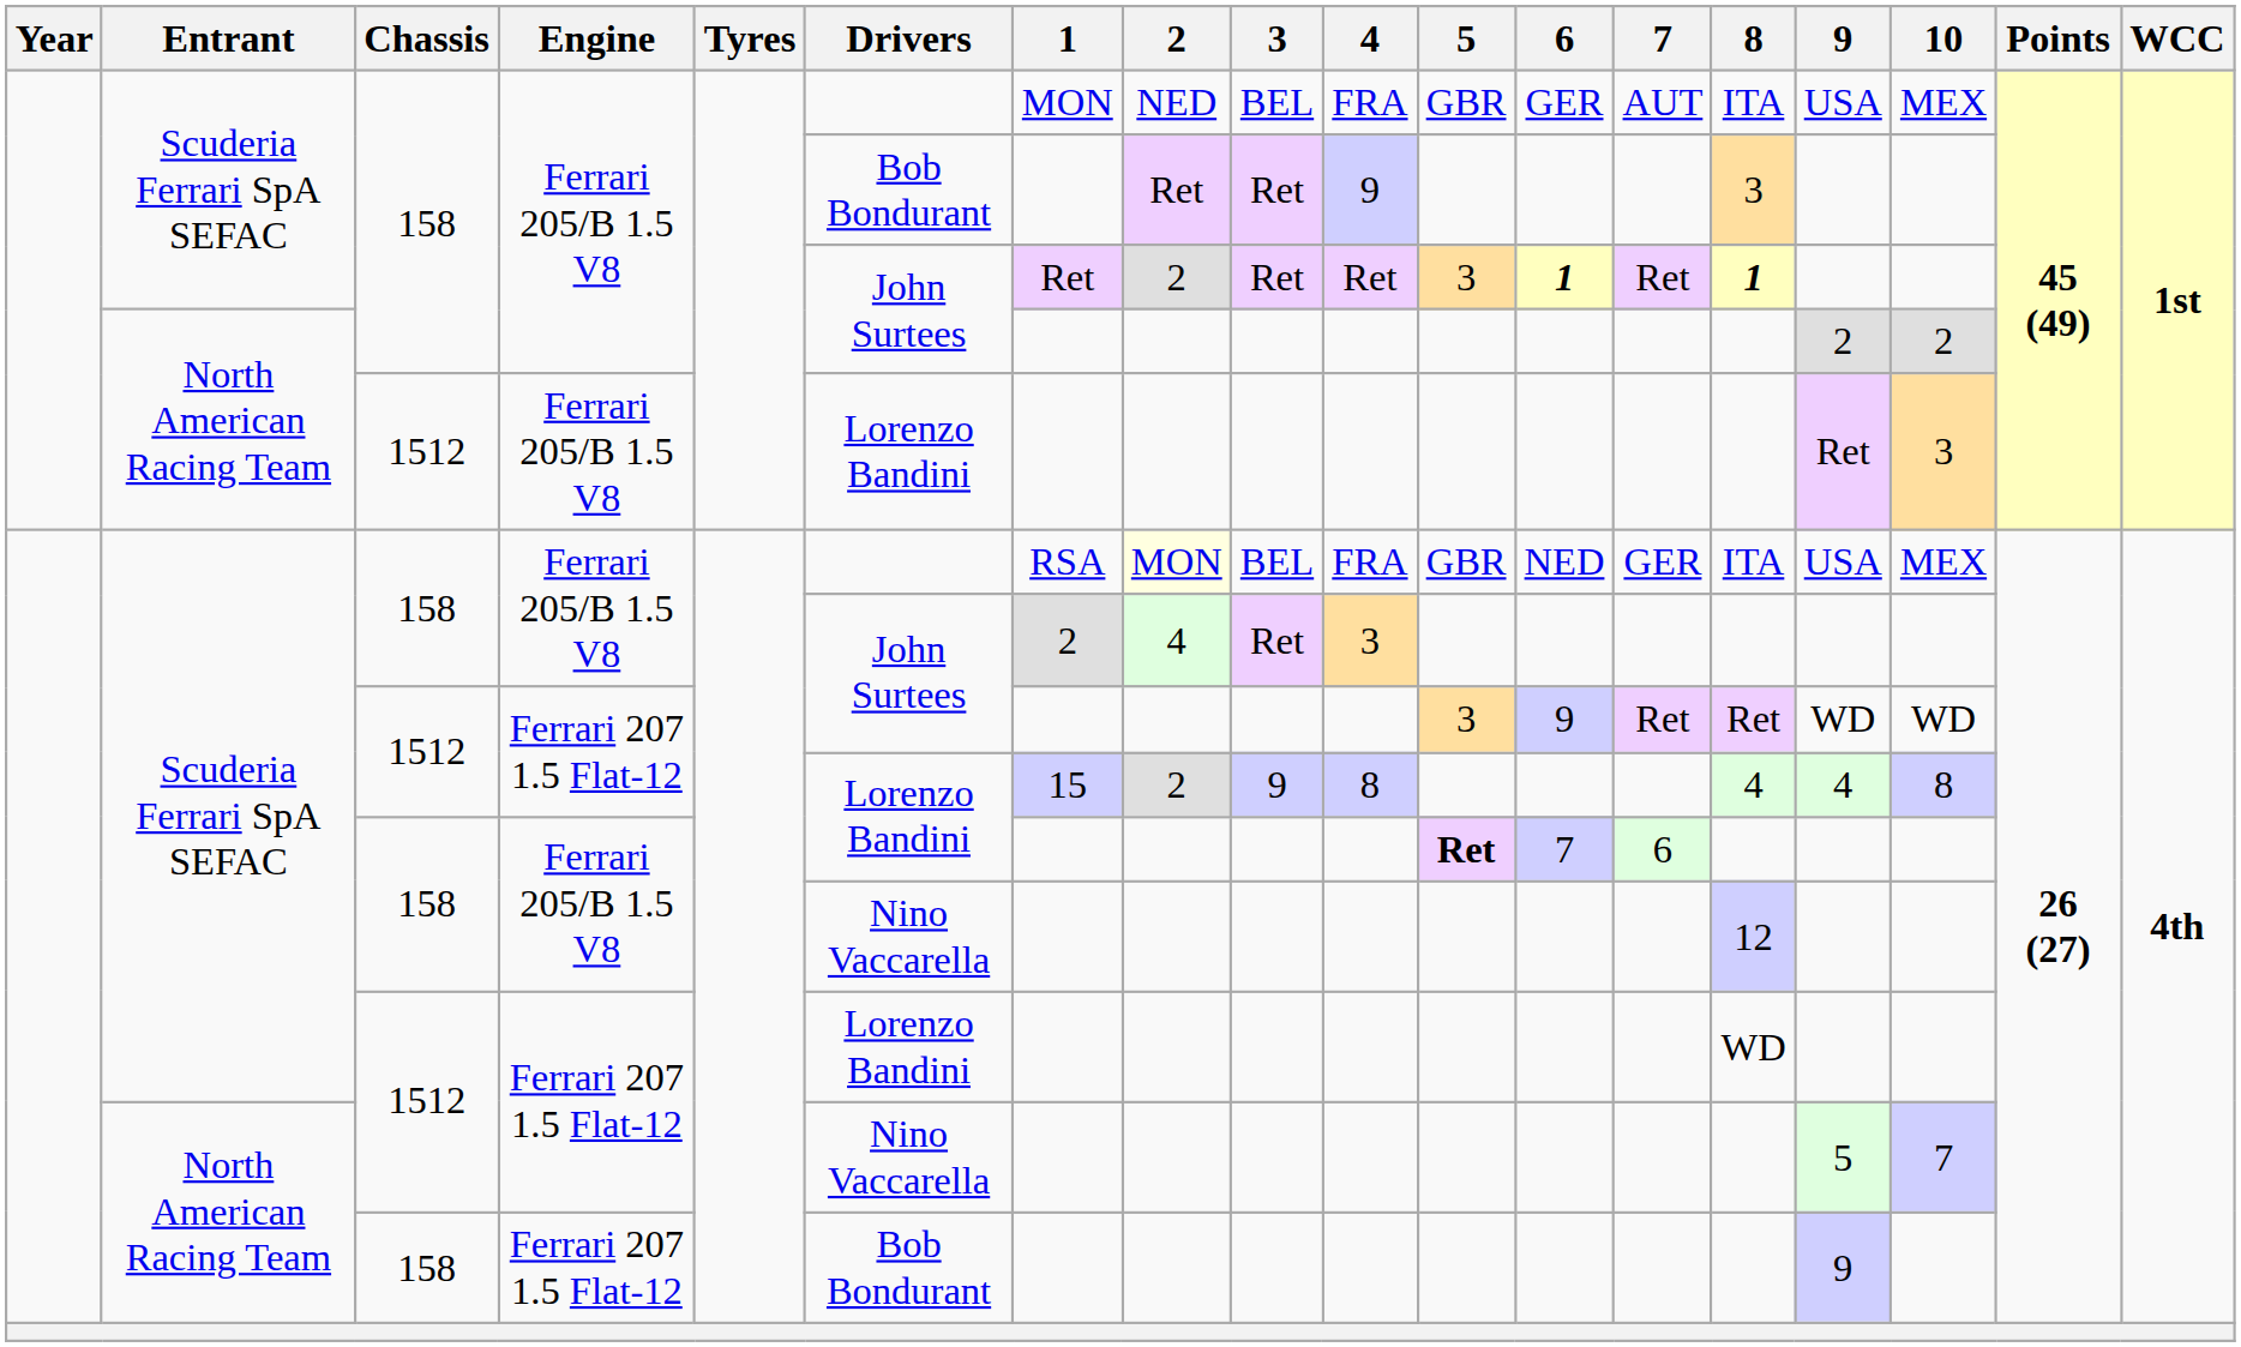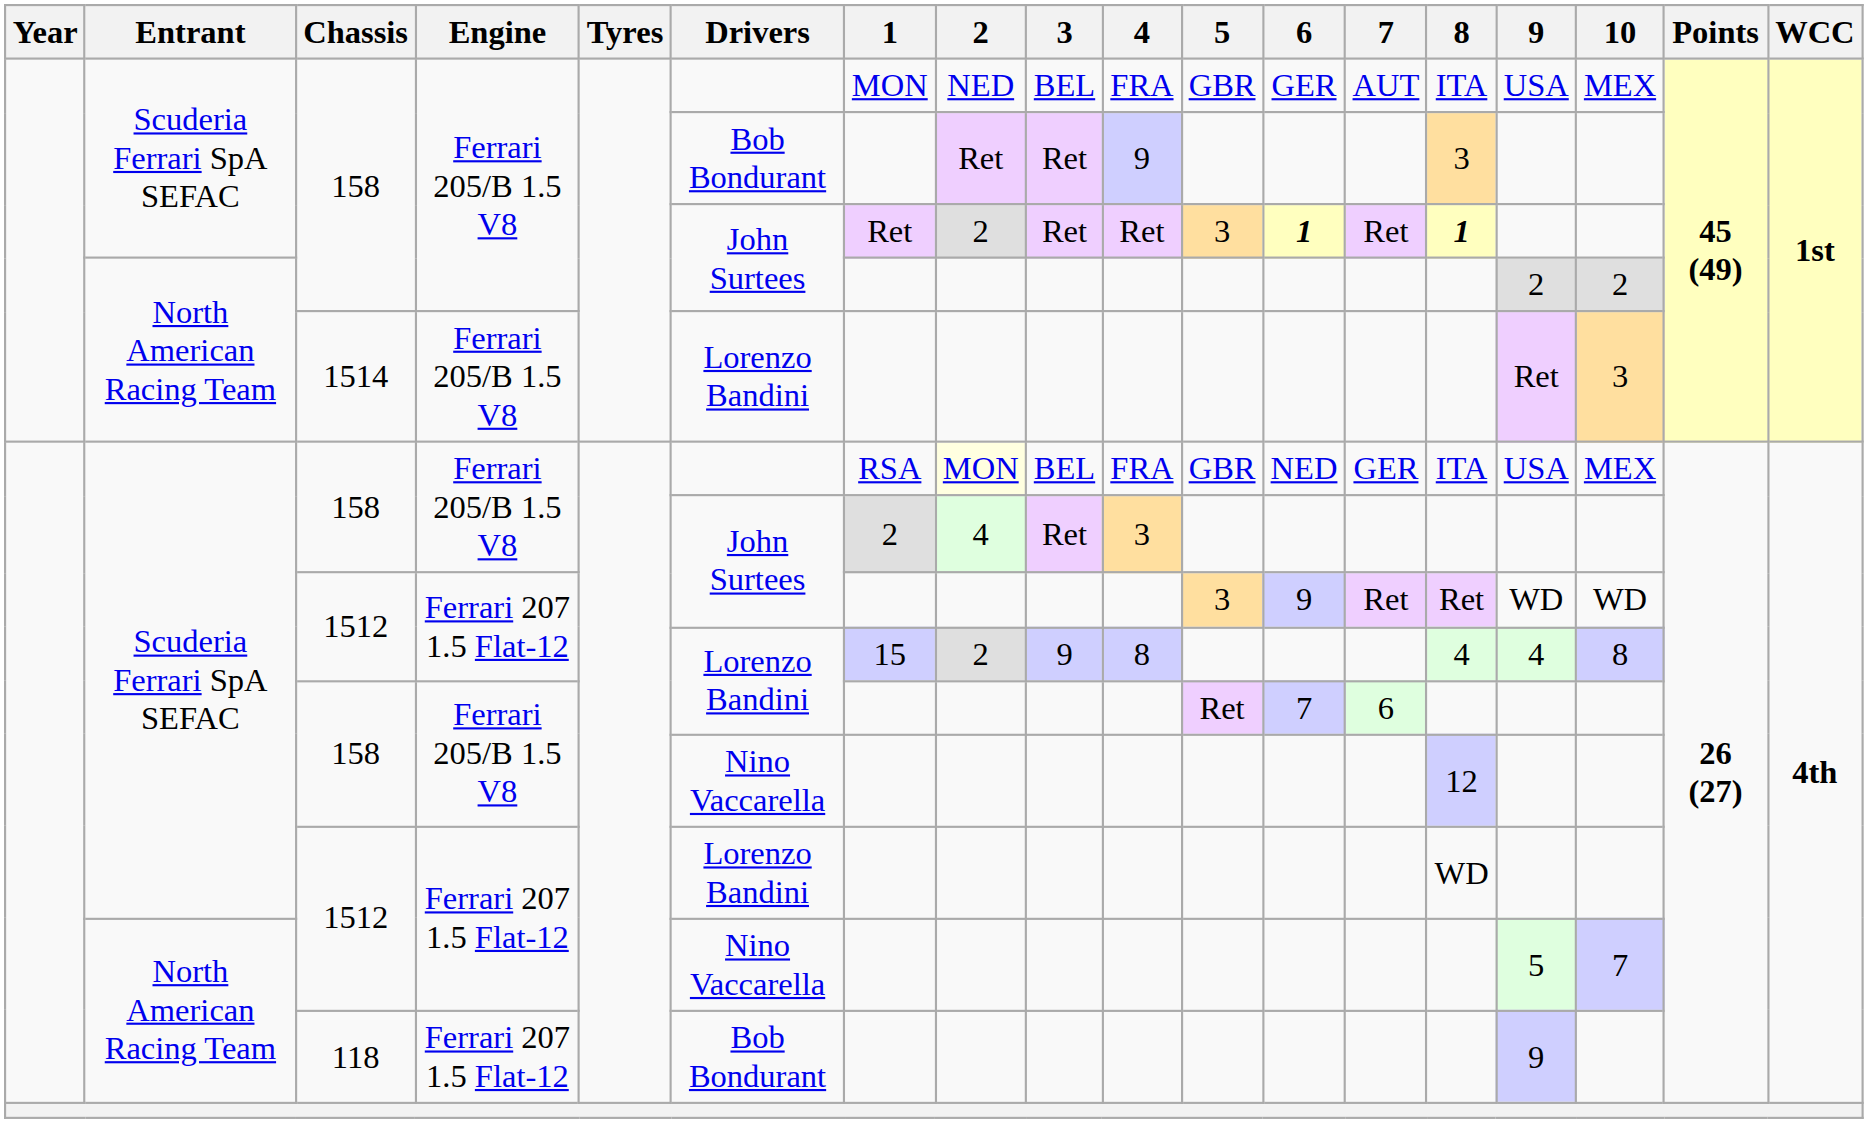 <table class="wikitable" style="text-align:center;  font-size:95%">
 <tr>
 <th>Year</th>
 <th>Entrant</th>
 <th>Chassis</th>
 <th>Engine</th>
 <th>Tyres</th>
 <th>Drivers</th>
 <th>1</th>
 <th>2</th>
 <th>3</th>
 <th>4</th>
 <th>5</th>
 <th>6</th>
 <th>7</th>
 <th>8</th>
 <th>9</th>
 <th>10</th>
 <th>Points</th>
 <th>WCC</th>
 </tr>
 <tr>
 <td rowspan="5"></td>
 <td rowspan="3"><a href='#'>Scuderia Ferrari</a> SpA SEFAC</td>
 <td rowspan="4">158</td>
 <td rowspan="4"><a href='#'>Ferrari</a> 205/B 1.5 <a href='#'>V8</a></td>
 <td rowspan="5"></td>
 <td></td>
 <td><a href='#'>MON</a></td>
 <td><a href='#'>NED</a></td>
 <td><a href='#'>BEL</a></td>
 <td><a href='#'>FRA</a></td>
 <td><a href='#'>GBR</a></td>
 <td><a href='#'>GER</a></td>
 <td><a href='#'>AUT</a></td>
 <td><a href='#'>ITA</a></td>
 <td><a href='#'>USA</a></td>
 <td><a href='#'>MEX</a></td>
 <td rowspan="5" style="background:#FFFFBF;"><strong>45 (49)</strong></td>
 <td rowspan="5" style="background:#FFFFBF;"><strong>1st</strong></td>
 </tr>
 <tr>
 <td><a href='#'>Bob Bondurant</a></td>
 <td></td>
 <td style="background:#EFCFFF;">Ret</td>
 <td style="background:#EFCFFF;">Ret</td>
 <td style="background:#CFCFFF;">9</td>
 <td></td>
 <td></td>
 <td></td>
 <td style="background:#FFDF9F;">3</td>
 <td></td>
 <td></td>
 </tr>
 <tr>
 <td rowspan="2"><a href='#'>John Surtees</a></td>
 <td style="background:#EFCFFF;">Ret</td>
 <td style="background:#DFDFDF;">2</td>
 <td style="background:#EFCFFF;">Ret</td>
 <td style="background:#EFCFFF;">Ret</td>
 <td style="background:#FFDF9F;">3</td>
 <td style="background:#FFFFBF;"><strong><em>1</em></strong></td>
 <td style="background:#EFCFFF;">Ret</td>
 <td style="background:#FFFFBF;"><strong><em>1</em></strong></td>
 <td></td>
 <td></td>
 </tr>
 <tr>
 <td rowspan="2"><a href='#'>North American Racing Team</a></td>
 <td></td>
 <td></td>
 <td></td>
 <td></td>
 <td></td>
 <td></td>
 <td></td>
 <td></td>
 <td style="background:#DFDFDF;">2</td>
 <td style="background:#DFDFDF;">2</td>
 </tr>
 <tr>
-<td>1512</td>
+<td>1514</td>
 <td><a href='#'>Ferrari</a> 205/B 1.5 <a href='#'>V8</a></td>
 <td><a href='#'>Lorenzo Bandini</a></td>
 <td></td>
 <td></td>
 <td></td>
 <td></td>
 <td></td>
 <td></td>
 <td></td>
 <td></td>
 <td style="background:#EFCFFF;">Ret</td>
 <td style="background:#FFDF9F;">3</td>
 </tr>
 <tr>
 <td rowspan="9"></td>
 <td rowspan="7"><a href='#'>Scuderia Ferrari</a> SpA SEFAC</td>
 <td rowspan="2">158</td>
 <td rowspan="2"><a href='#'>Ferrari</a> 205/B 1.5 <a href='#'>V8</a></td>
 <td rowspan="9"></td>
 <td></td>
 <td><a href='#'>RSA</a></td>
 <td style="background: lightyellow;"><a href='#'>MON</a></td>
 <td><a href='#'>BEL</a></td>
 <td><a href='#'>FRA</a></td>
 <td><a href='#'>GBR</a></td>
 <td><a href='#'>NED</a></td>
 <td><a href='#'>GER</a></td>
 <td><a href='#'>ITA</a></td>
 <td><a href='#'>USA</a></td>
 <td><a href='#'>MEX</a></td>
 <td rowspan="9"><strong>26 (27)</strong></td>
 <td rowspan="9"><strong>4th</strong></td>
 </tr>
 <tr>
 <td rowspan="2"><a href='#'>John Surtees</a></td>
 <td style="background:#DFDFDF;">2</td>
 <td style="background:#DFFFDF;">4</td>
 <td style="background:#EFCFFF;">Ret</td>
 <td style="background:#FFDF9F;">3</td>
 <td></td>
 <td></td>
 <td></td>
 <td></td>
 <td></td>
 <td></td>
 </tr>
 <tr>
 <td rowspan="2">1512</td>
 <td rowspan="2"><a href='#'>Ferrari</a> 207 1.5 <a href='#'>Flat-12</a></td>
 <td></td>
 <td></td>
 <td></td>
 <td></td>
 <td style="background:#FFDF9F;">3</td>
 <td style="background:#CFCFFF;">9</td>
 <td style="background:#EFCFFF;">Ret</td>
 <td style="background:#EFCFFF;">Ret</td>
 <td>WD</td>
 <td>WD</td>
 </tr>
 <tr>
 <td rowspan="2"><a href='#'>Lorenzo Bandini</a></td>
 <td style="background:#CFCFFF;">15</td>
 <td style="background:#DFDFDF;">2</td>
 <td style="background:#CFCFFF;">9</td>
 <td style="background:#CFCFFF;">8</td>
 <td></td>
 <td></td>
 <td></td>
 <td style="background:#DFFFDF;">4</td>
 <td style="background:#DFFFDF;">4</td>
 <td style="background:#CFCFFF;">8</td>
 </tr>
 <tr>
 <td rowspan="2">158</td>
 <td rowspan="2"><a href='#'>Ferrari</a> 205/B 1.5 <a href='#'>V8</a></td>
 <td></td>
 <td></td>
 <td></td>
 <td></td>
-<td style="background:#EFCFFF;"><strong>Ret</strong></td>
+<td style="background:#EFCFFF;">Ret</td>
 <td style="background:#CFCFFF;">7</td>
 <td style="background:#DFFFDF;">6</td>
 <td></td>
 <td></td>
 <td></td>
 </tr>
 <tr>
 <td><a href='#'>Nino Vaccarella</a></td>
 <td></td>
 <td></td>
 <td></td>
 <td></td>
 <td></td>
 <td></td>
 <td></td>
 <td style="background:#CFCFFF;">12</td>
 <td></td>
 <td></td>
 </tr>
 <tr>
 <td rowspan="2">1512</td>
 <td rowspan="2"><a href='#'>Ferrari</a> 207 1.5 <a href='#'>Flat-12</a></td>
 <td><a href='#'>Lorenzo Bandini</a></td>
 <td></td>
 <td></td>
 <td></td>
 <td></td>
 <td></td>
 <td></td>
 <td></td>
 <td>WD</td>
 <td></td>
 <td></td>
 </tr>
 <tr>
 <td rowspan="2"><a href='#'>North American Racing Team</a></td>
 <td><a href='#'>Nino Vaccarella</a></td>
 <td></td>
 <td></td>
 <td></td>
 <td></td>
 <td></td>
 <td></td>
 <td></td>
 <td></td>
 <td style="background:#DFFFDF;">5</td>
 <td style="background:#CFCFFF;">7</td>
 </tr>
 <tr>
-<td>158</td>
+<td>118</td>
 <td><a href='#'>Ferrari</a> 207 1.5 <a href='#'>Flat-12</a></td>
 <td><a href='#'>Bob Bondurant</a></td>
 <td></td>
 <td></td>
 <td></td>
 <td></td>
 <td></td>
 <td></td>
 <td></td>
 <td></td>
 <td style="background:#CFCFFF;">9</td>
 <td></td>
 </tr>
 <tr>
 <th colspan="18"></th>
 </tr>
 </table>
